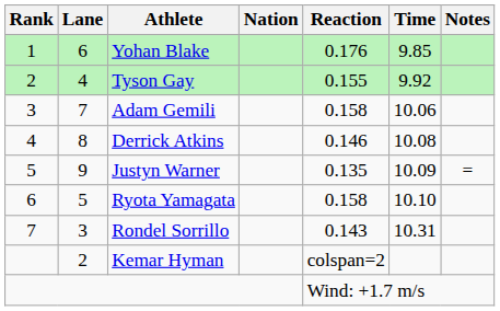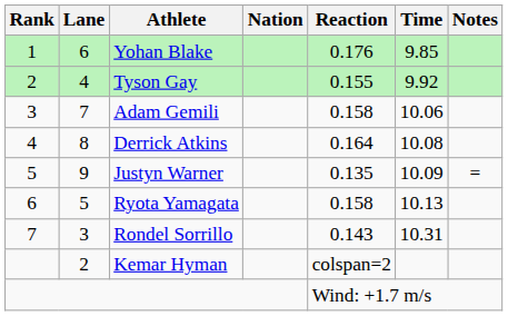 <table class="wikitable sortable" style="text-align:center">
 <tr>
 <th>Rank</th>
 <th>Lane</th>
 <th>Athlete</th>
 <th>Nation</th>
 <th>Reaction</th>
 <th>Time</th>
 <th>Notes</th>
 </tr>
 <tr style="background:#bbf3bb;">
 <td>1</td>
 <td>6</td>
 <td align=left><a href='#'>Yohan Blake</a></td>
 <td align=left></td>
 <td>0.176</td>
 <td>9.85</td>
 <td></td>
 </tr>
 <tr style="background:#bbf3bb;">
 <td>2</td>
 <td>4</td>
 <td align=left><a href='#'>Tyson Gay</a></td>
 <td align=left></td>
 <td>0.155</td>
 <td>9.92</td>
 <td></td>
 </tr>
 <tr>
 <td>3</td>
 <td>7</td>
 <td align=left><a href='#'>Adam Gemili</a></td>
 <td align=left></td>
 <td>0.158</td>
 <td>10.06</td>
 <td></td>
 </tr>
 <tr>
 <td>4</td>
 <td>8</td>
 <td align=left><a href='#'>Derrick Atkins</a></td>
 <td align=left></td>
-<td>0.146</td>
+<td>0.164</td>
 <td>10.08</td>
 <td></td>
 </tr>
 <tr>
 <td>5</td>
 <td>9</td>
 <td align=left><a href='#'>Justyn Warner</a></td>
 <td align=left></td>
 <td>0.135</td>
 <td>10.09</td>
 <td>=</td>
 </tr>
 <tr>
 <td>6</td>
 <td>5</td>
 <td align=left><a href='#'>Ryota Yamagata</a></td>
 <td align=left></td>
 <td>0.158</td>
-<td>10.10</td>
+<td>10.13</td>
 <td></td>
 </tr>
 <tr>
 <td>7</td>
 <td>3</td>
 <td align=left><a href='#'>Rondel Sorrillo</a></td>
 <td align=left></td>
 <td>0.143</td>
 <td>10.31</td>
 <td></td>
 </tr>
 <tr>
 <td></td>
 <td>2</td>
 <td align=left><a href='#'>Kemar Hyman</a></td>
 <td align=left></td>
 <td>colspan=2 </td>
 <td></td>
 </tr>
 <tr class="sortbottom">
 <td colspan=4></td>
 <td colspan="4" style="text-align:left;">Wind: +1.7 m/s</td>
 </tr>
 </table>
